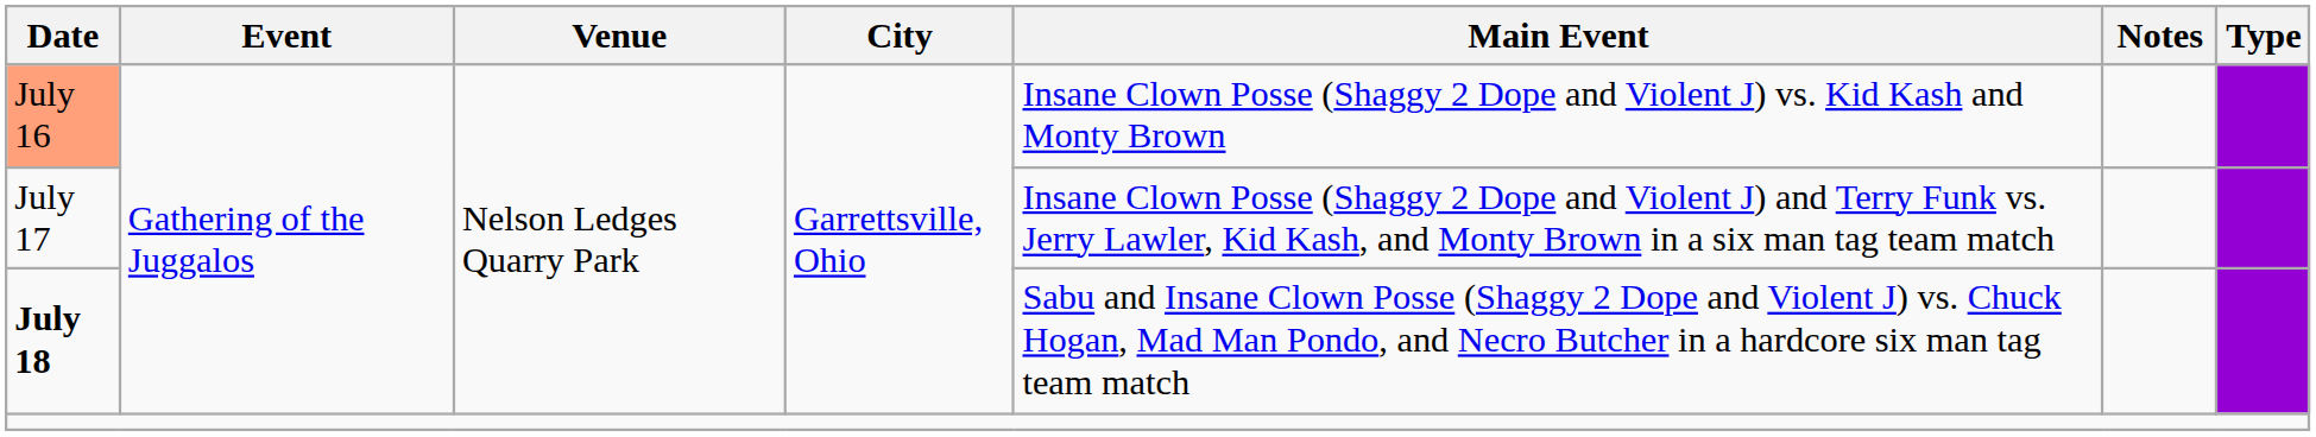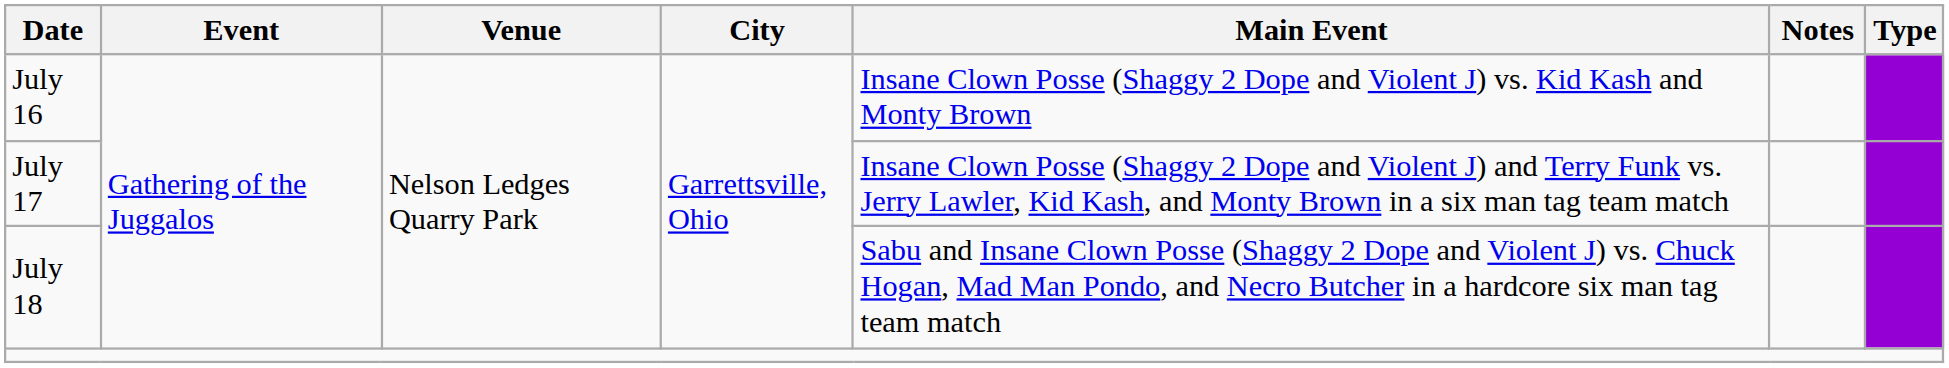 <table class="sortable wikitable succession-box" style="font-size:85%;">
 <tr>
 <th scope="col" style="width:5%;">Date</th>
 <th scope="col" style="width:15%;">Event</th>
 <th scope="col" style="width:15%;">Venue</th>
 <th scope="col" style="width:10%;">City</th>
 <th scope="col" style="width:50%;">Main Event</th>
 <th scope="col" style="width:10%;">Notes</th>
 <th scope="col" style="width:1%;">Type</th>
 </tr>
 <tr>
-<td style="background: lightsalmon;">July 16</td>
+<td>July 16</td>
 <td rowspan=3><a href='#'>Gathering of the Juggalos</a></td>
 <td rowspan=3>Nelson Ledges Quarry Park</td>
 <td rowspan=3><a href='#'>Garrettsville, Ohio</a></td>
 <td><a href='#'>Insane Clown Posse</a> (<a href='#'>Shaggy 2 Dope</a> and <a href='#'>Violent J</a>) vs. <a href='#'>Kid Kash</a> and <a href='#'>Monty Brown</a></td>
 <td></td>
 <td style="background: darkviolet"></td>
 </tr>
 <tr>
 <td>July 17</td>
 <td><a href='#'>Insane Clown Posse</a> (<a href='#'>Shaggy 2 Dope</a> and <a href='#'>Violent J</a>) and <a href='#'>Terry Funk</a> vs. <a href='#'>Jerry Lawler</a>, <a href='#'>Kid Kash</a>, and <a href='#'>Monty Brown</a> in a six man tag team match</td>
 <td></td>
 <td style="background: darkviolet"></td>
 </tr>
 <tr>
-<td><strong>July 18</strong></td>
+<td>July 18</td>
 <td><a href='#'>Sabu</a> and <a href='#'>Insane Clown Posse</a> (<a href='#'>Shaggy 2 Dope</a> and <a href='#'>Violent J</a>) vs. <a href='#'>Chuck Hogan</a>, <a href='#'>Mad Man Pondo</a>, and <a href='#'>Necro Butcher</a> in a hardcore six man tag team match</td>
 <td></td>
 <td style="background: darkviolet"></td>
 </tr>
 <tr>
 <td colspan="7"></td>
 </tr>
 </table>
